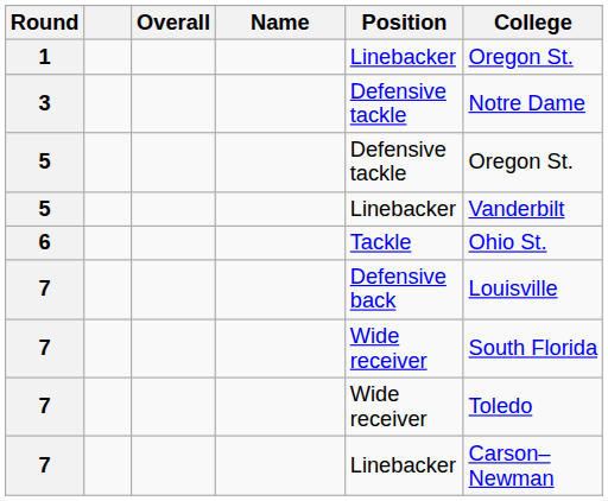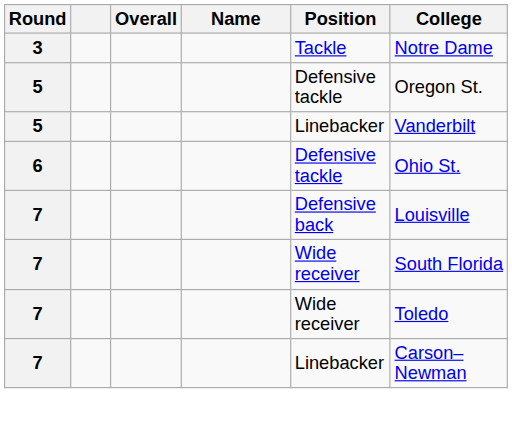 <table class="wikitable sortable" style="width: 50%;">
 <tr>
 <th scope="col" style="width: 10%;">Round</th>
 <th scope="col" style="width: 10%;"></th>
 <th scope="col" style="width: 10%;">Overall</th>
 <th scope="col" style="width: 25%;">Name</th>
 <th scope="col" style="width: 20%;">Position</th>
 <th scope="col" style="width: 25%;">College</th>
 </tr>
 <tr>
-<th scope="row">1</th>
-<td></td>
-<td></td>
-<td></td>
-<td><a href='#'>Linebacker</a></td>
-<td><a href='#'>Oregon St.</a></td>
-</tr>
-<tr>
 <th scope="row">3</th>
 <td></td>
 <td></td>
 <td></td>
-<td><a href='#'>Defensive tackle</a></td>
+<td><a href='#'>Tackle</a></td>
 <td><a href='#'>Notre Dame</a></td>
 </tr>
 <tr>
 <th scope="row">5</th>
 <td></td>
 <td></td>
 <td></td>
 <td>Defensive tackle</td>
 <td>Oregon St.</td>
 </tr>
 <tr>
 <th scope="row">5</th>
 <td></td>
 <td></td>
 <td></td>
 <td>Linebacker</td>
 <td><a href='#'>Vanderbilt</a></td>
 </tr>
 <tr>
 <th scope="row">6</th>
 <td></td>
 <td></td>
 <td></td>
-<td><a href='#'>Tackle</a></td>
+<td><a href='#'>Defensive tackle</a></td>
 <td><a href='#'>Ohio St.</a></td>
 </tr>
 <tr>
 <th scope="row">7</th>
 <td></td>
 <td></td>
 <td></td>
 <td><a href='#'>Defensive back</a></td>
 <td><a href='#'>Louisville</a></td>
 </tr>
 <tr>
 <th scope="row">7</th>
 <td></td>
 <td></td>
 <td></td>
 <td><a href='#'>Wide receiver</a></td>
 <td><a href='#'>South Florida</a></td>
 </tr>
 <tr>
 <th scope="row">7</th>
 <td></td>
 <td></td>
 <td></td>
 <td>Wide receiver</td>
 <td><a href='#'>Toledo</a></td>
 </tr>
 <tr>
 <th scope="row">7</th>
 <td></td>
 <td></td>
 <td></td>
 <td>Linebacker</td>
 <td><a href='#'>Carson–Newman</a></td>
 </tr>
 </table>
